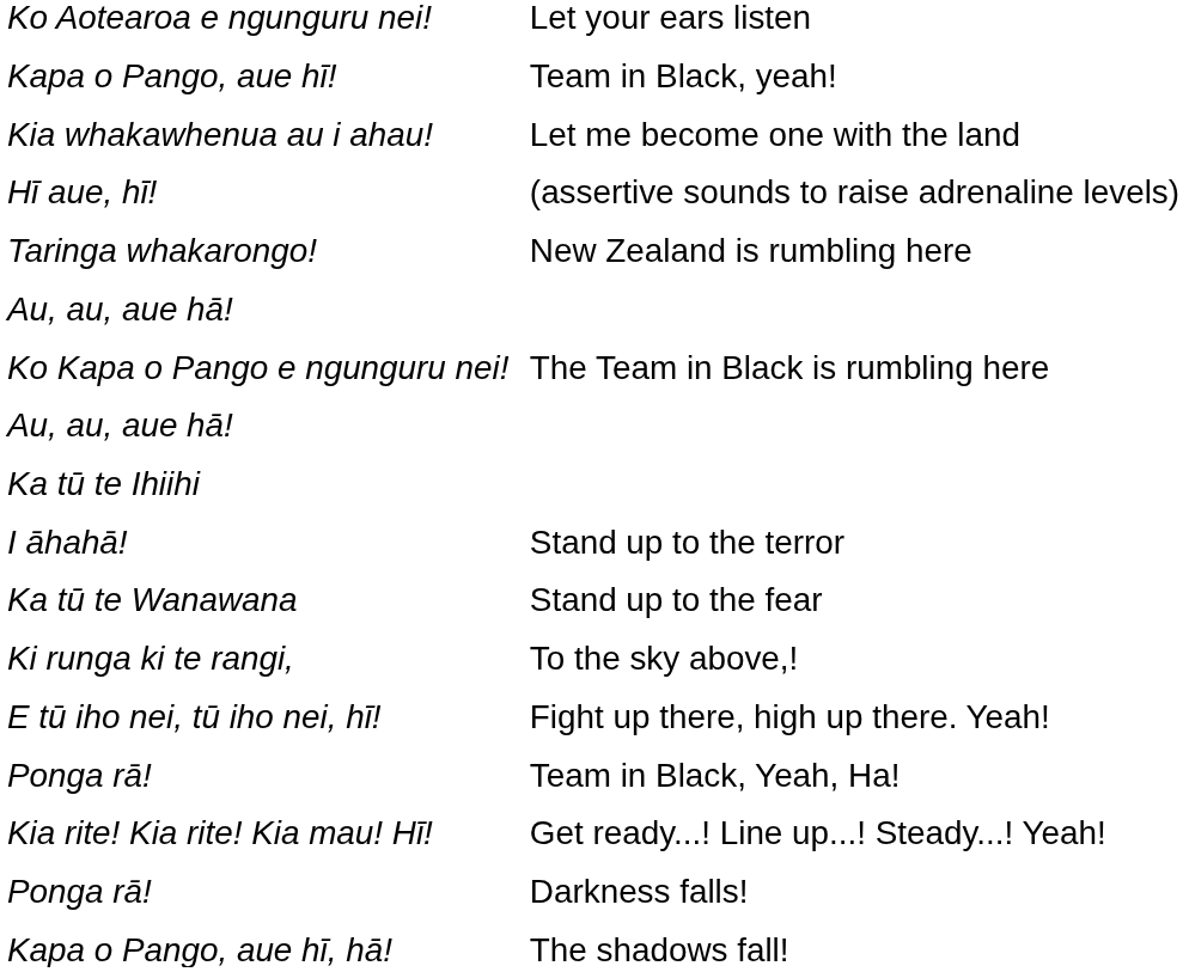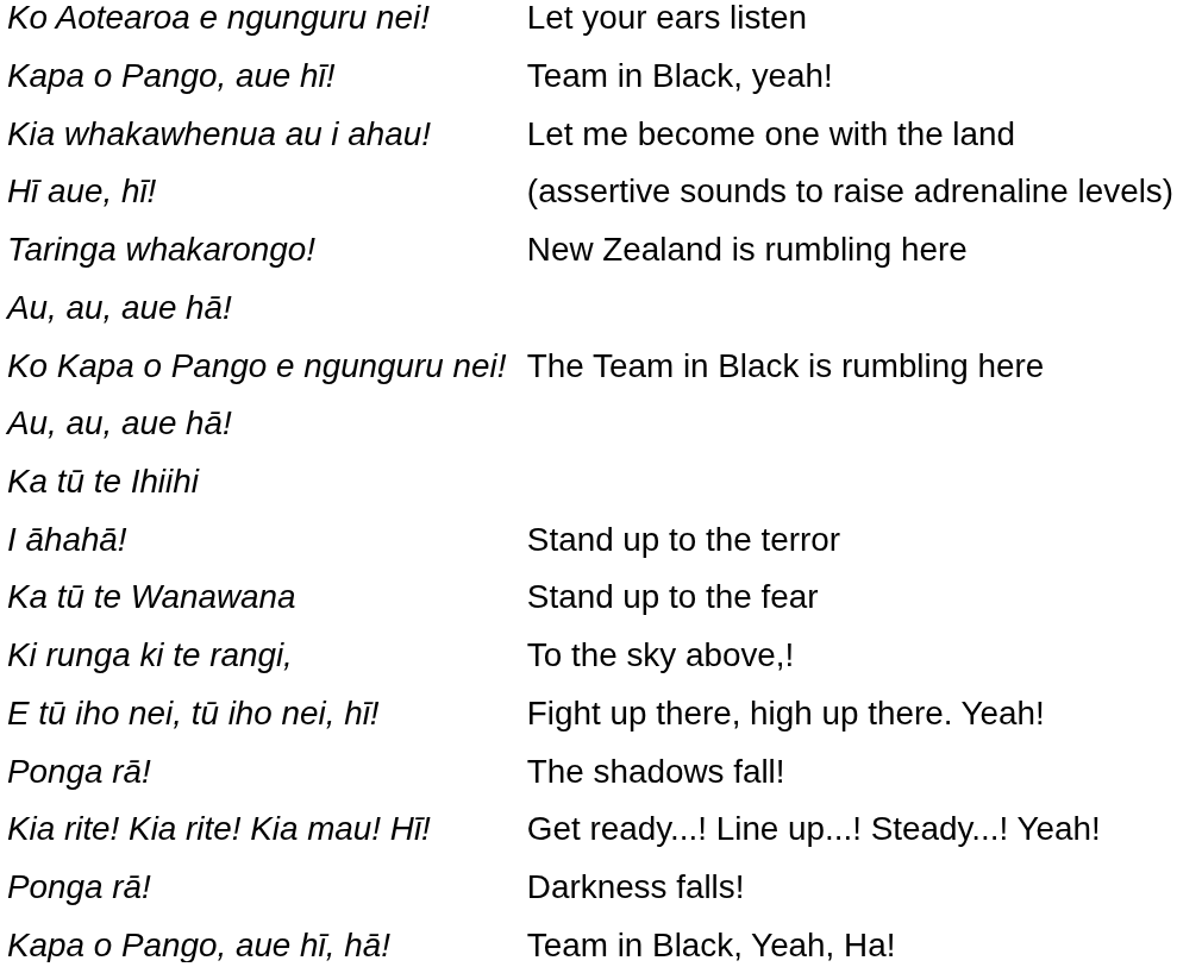 <table border="0" cellpadding="4" cellspacing="2" style="margin-left:3em">
 <tr>
 <td></td>
 </tr>
 <tr>
 <td><em>Ko Aotearoa e ngunguru nei!</em></td>
 <td>Let your ears listen</td>
 </tr>
 <tr>
 <td><em>Kapa o Pango, aue hī!</em></td>
 <td>Team in Black, yeah!</td>
 </tr>
 <tr>
 <td><em>Kia whakawhenua au i ahau!</em></td>
 <td>Let me become one with the land</td>
 </tr>
 <tr>
 <td><em>Hī aue, hī!</em></td>
 <td>(assertive sounds to raise adrenaline levels)</td>
 </tr>
 <tr>
 <td><em>Taringa whakarongo!</em></td>
 <td>New Zealand is rumbling here</td>
 </tr>
 <tr>
 <td><em>Au, au, aue hā!</em></td>
 <td></td>
 </tr>
 <tr>
 <td><em>Ko Kapa o Pango e ngunguru nei!</em></td>
 <td>The Team in Black is rumbling here</td>
 </tr>
 <tr>
 <td><em>Au, au, aue hā!</em></td>
 <td></td>
 </tr>
 <tr>
 <td><em>Ka tū te Ihiihi</em></td>
 <td></td>
 </tr>
 <tr>
 <td><em>I āhahā!</em></td>
 <td>Stand up to the terror</td>
 </tr>
 <tr>
 <td><em>Ka tū te Wanawana</em></td>
 <td>Stand up to the fear</td>
 </tr>
 <tr>
 <td><em>Ki runga ki te rangi, </em></td>
 <td>To the sky above,!</td>
 </tr>
 <tr>
 <td><em>E tū iho nei, tū iho nei, hī!</em></td>
 <td>Fight up there, high up there. Yeah!</td>
 </tr>
 <tr>
 <td><em>Ponga rā!</em></td>
-<td>Team in Black, Yeah, Ha!</td>
+<td>The shadows fall!</td>
 </tr>
 <tr>
 <td><em>Kia rite! Kia rite! Kia mau! Hī!</em></td>
 <td>Get ready...! Line up...! Steady...! Yeah!</td>
 </tr>
 <tr>
 <td><em>Ponga rā!</em></td>
 <td>Darkness falls!</td>
 </tr>
 <tr>
 <td><em>Kapa o Pango, aue hī, hā!</em></td>
-<td>The shadows fall!</td>
+<td>Team in Black, Yeah, Ha!</td>
 </tr>
 </table>
